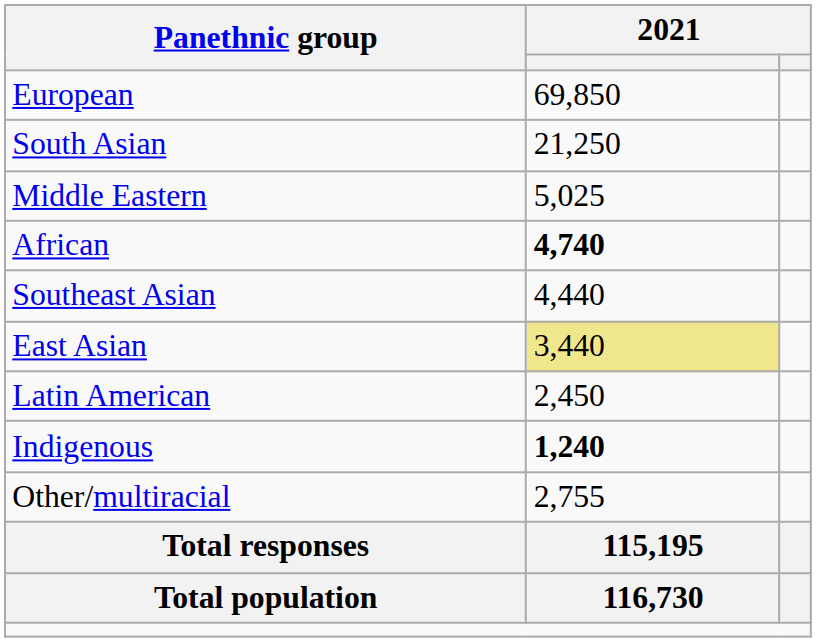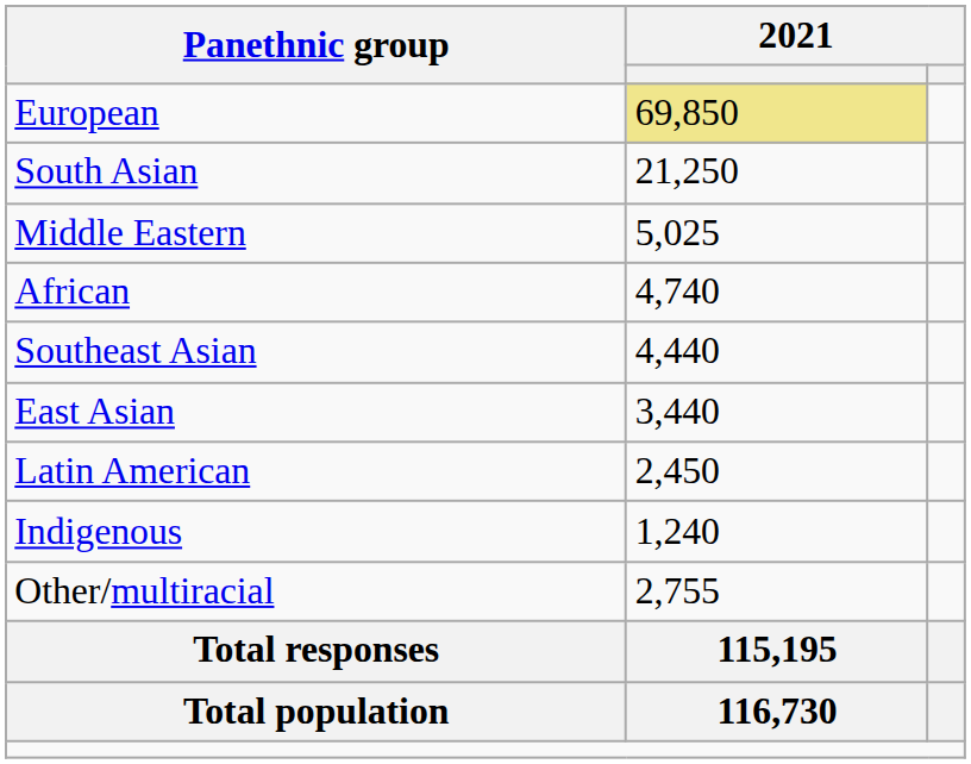 <table class="wikitable collapsible sortable">
 <tr>
 <th rowspan="2"><a href='#'>Panethnic</a> group</th>
 <th colspan="2">2021</th>
 </tr>
 <tr>
 <th><a href='#'></a></th>
 <th></th>
 </tr>
 <tr>
 <td><a href='#'>European</a></td>
-<td>69,850</td>
+<td style="background: khaki;">69,850</td>
 <td></td>
 </tr>
 <tr>
 <td><a href='#'>South Asian</a></td>
 <td>21,250</td>
 <td></td>
 </tr>
 <tr>
 <td><a href='#'>Middle Eastern</a></td>
 <td>5,025</td>
 <td></td>
 </tr>
 <tr>
 <td><a href='#'>African</a></td>
-<td><strong>4,740</strong></td>
+<td>4,740</td>
 <td></td>
 </tr>
 <tr>
 <td><a href='#'>Southeast Asian</a></td>
 <td>4,440</td>
 <td></td>
 </tr>
 <tr>
 <td><a href='#'>East Asian</a></td>
-<td style="background: khaki;">3,440</td>
+<td>3,440</td>
 <td></td>
 </tr>
 <tr>
 <td><a href='#'>Latin American</a></td>
 <td>2,450</td>
 <td></td>
 </tr>
 <tr>
 <td><a href='#'>Indigenous</a></td>
-<td><strong>1,240</strong></td>
+<td>1,240</td>
 <td></td>
 </tr>
 <tr>
 <td>Other/<a href='#'>multiracial</a></td>
 <td>2,755</td>
 <td></td>
 </tr>
 <tr>
 <th>Total responses</th>
 <th>115,195</th>
 <th></th>
 </tr>
 <tr class="sortbottom">
 <th>Total population</th>
 <th>116,730</th>
 <th></th>
 </tr>
 <tr class="sortbottom">
 <td colspan="15" style="width: 25em;"></td>
 </tr>
 </table>
